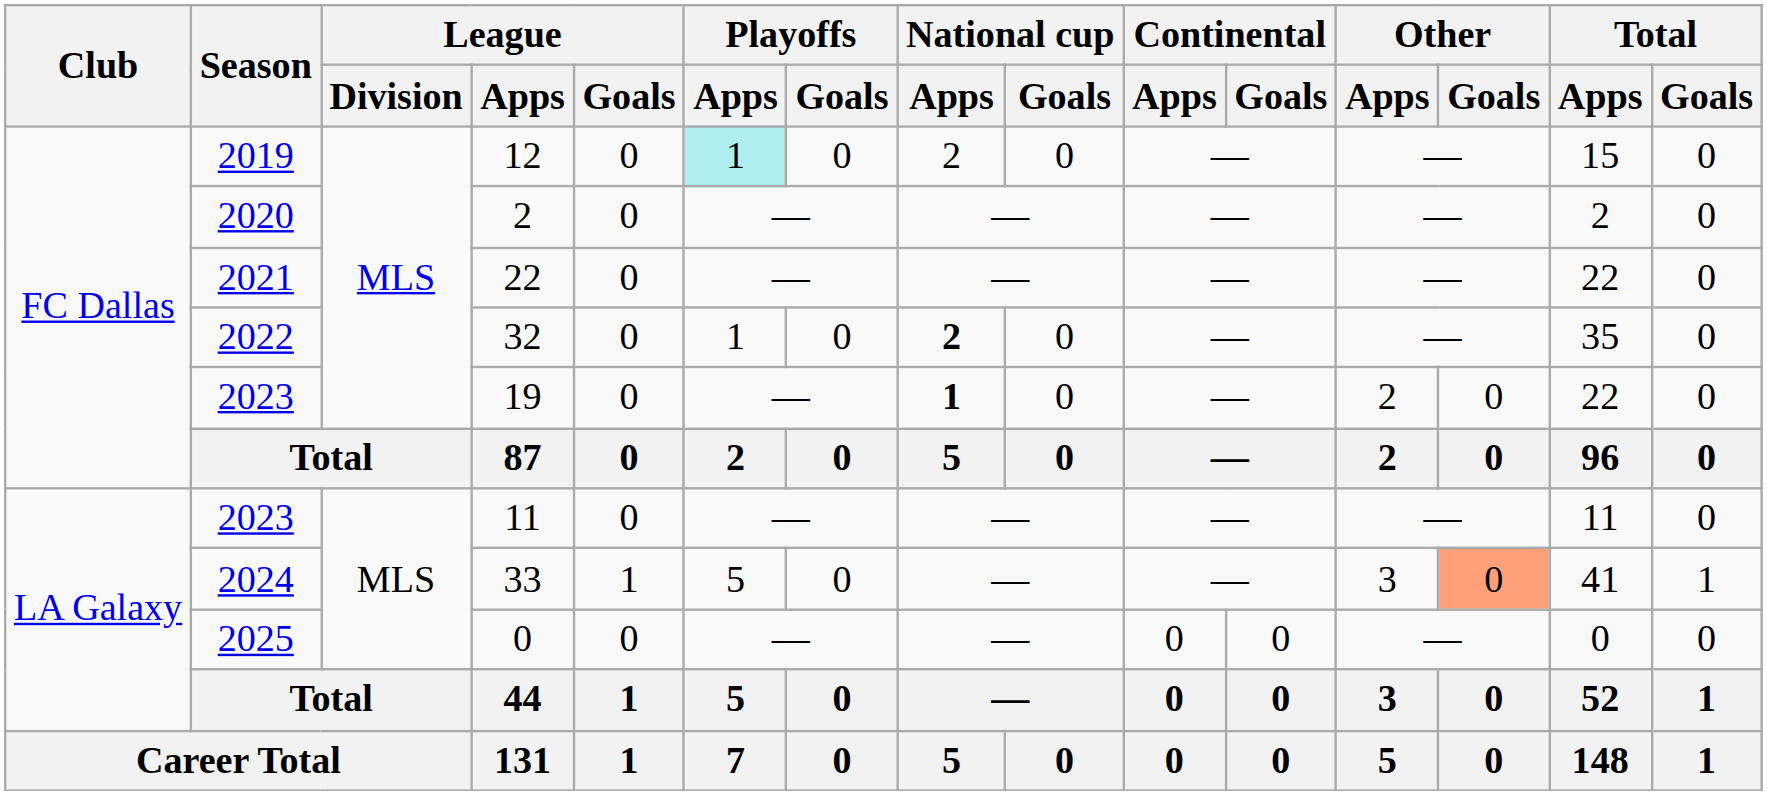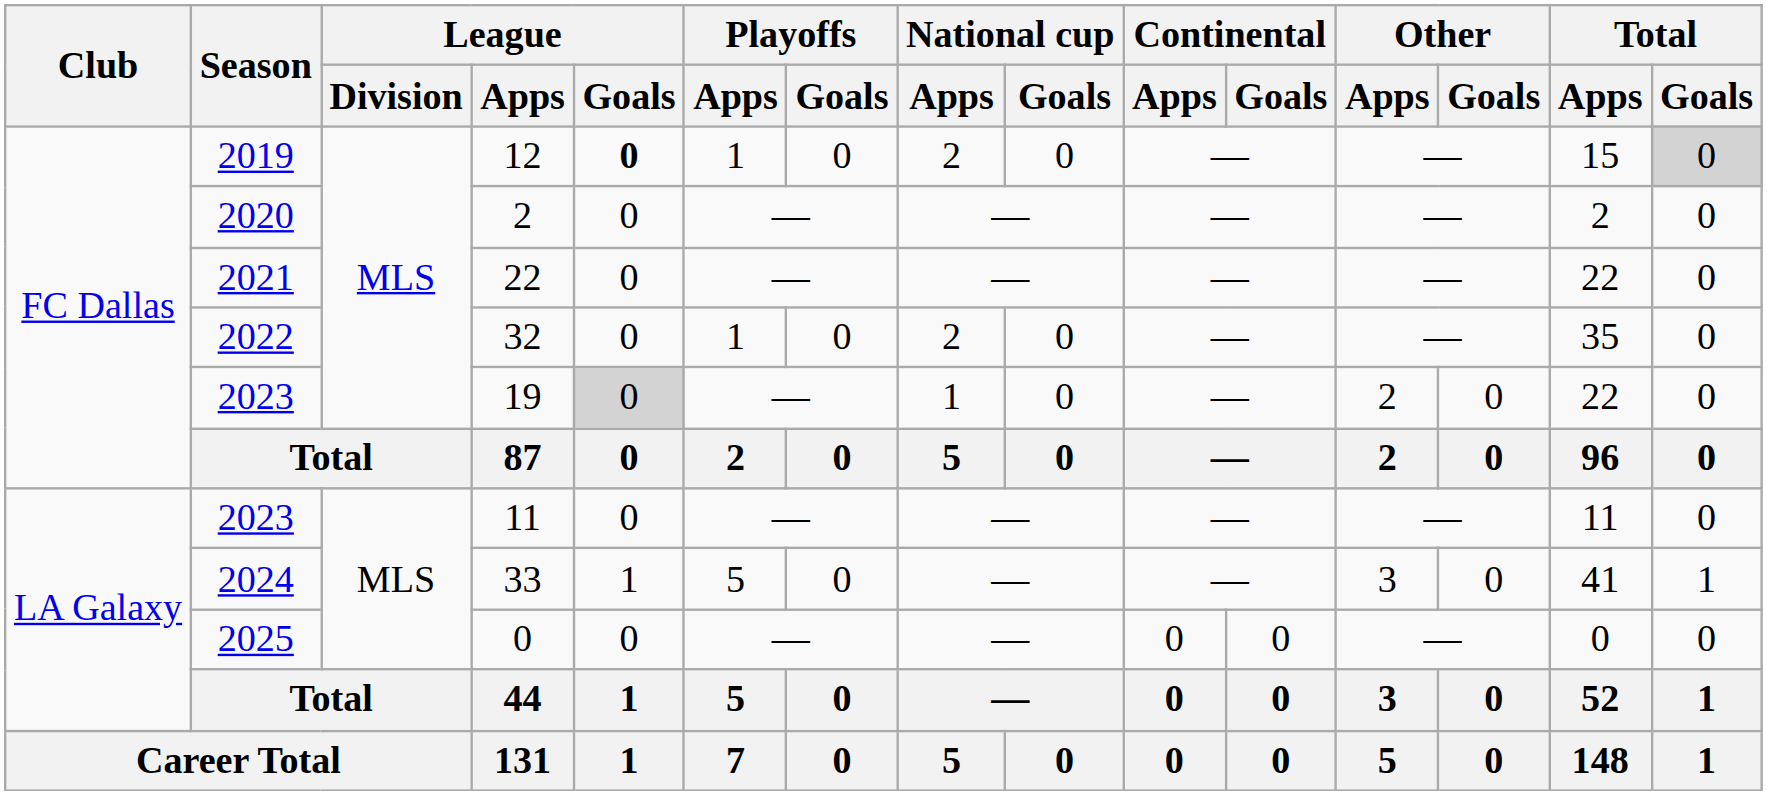 <table class="wikitable" style="text-align:center;">
 <tr>
 <th rowspan="2">Club</th>
 <th rowspan="2">Season</th>
 <th colspan="3">League</th>
 <th colspan="2">Playoffs</th>
 <th colspan="2">National cup</th>
 <th colspan="2">Continental</th>
 <th colspan="2">Other</th>
 <th colspan="2">Total</th>
 </tr>
 <tr>
 <th>Division</th>
 <th>Apps</th>
 <th>Goals</th>
 <th>Apps</th>
 <th>Goals</th>
 <th>Apps</th>
 <th>Goals</th>
 <th>Apps</th>
 <th>Goals</th>
 <th>Apps</th>
 <th>Goals</th>
 <th>Apps</th>
 <th>Goals</th>
 </tr>
 <tr>
 <td rowspan=6><a href='#'>FC Dallas</a></td>
 <td><a href='#'>2019</a></td>
 <td rowspan=5><a href='#'>MLS</a></td>
 <td>12</td>
-<td>0</td>
-<td style="background: paleturquoise;">1</td>
+<td><strong>0</strong></td>
+<td>1</td>
 <td>0</td>
 <td>2</td>
 <td>0</td>
 <td colspan="2">—</td>
 <td colspan="2">—</td>
 <td>15</td>
-<td>0</td>
+<td style="background: lightgrey;">0</td>
 </tr>
 <tr>
 <td><a href='#'>2020</a></td>
 <td>2</td>
 <td>0</td>
 <td colspan="2">—</td>
 <td colspan="2">—</td>
 <td colspan="2">—</td>
 <td colspan="2">—</td>
 <td>2</td>
 <td>0</td>
 </tr>
 <tr>
 <td><a href='#'>2021</a></td>
 <td>22</td>
 <td>0</td>
 <td colspan="2">—</td>
 <td colspan="2">—</td>
 <td colspan="2">—</td>
 <td colspan="2">—</td>
 <td>22</td>
 <td>0</td>
 </tr>
 <tr>
 <td><a href='#'>2022</a></td>
 <td>32</td>
 <td>0</td>
 <td>1</td>
 <td>0</td>
-<td><strong>2</strong></td>
+<td>2</td>
 <td>0</td>
 <td colspan="2">—</td>
 <td colspan="2">—</td>
 <td>35</td>
 <td>0</td>
 </tr>
 <tr>
 <td><a href='#'>2023</a></td>
 <td>19</td>
-<td>0</td>
+<td style="background: lightgrey;">0</td>
 <td colspan="2">—</td>
-<td><strong>1</strong></td>
+<td>1</td>
 <td>0</td>
 <td colspan="2">—</td>
 <td>2</td>
 <td>0</td>
 <td>22</td>
 <td>0</td>
 </tr>
 <tr>
 <th colspan="2">Total</th>
 <th>87</th>
 <th>0</th>
 <th>2</th>
 <th>0</th>
 <th>5</th>
 <th>0</th>
 <th colspan="2">—</th>
 <th>2</th>
 <th>0</th>
 <th>96</th>
 <th>0</th>
 </tr>
 <tr>
 <td rowspan=4><a href='#'>LA Galaxy</a></td>
 <td><a href='#'>2023</a></td>
 <td rowspan=3>MLS</td>
 <td>11</td>
 <td>0</td>
 <td colspan="2">—</td>
 <td colspan="2">—</td>
 <td colspan="2">—</td>
 <td colspan="2">—</td>
 <td>11</td>
 <td>0</td>
 </tr>
 <tr>
 <td><a href='#'>2024</a></td>
 <td>33</td>
 <td>1</td>
 <td>5</td>
 <td>0</td>
 <td colspan="2">—</td>
 <td colspan="2">—</td>
 <td>3</td>
-<td style="background: lightsalmon;">0</td>
+<td>0</td>
 <td>41</td>
 <td>1</td>
 </tr>
 <tr>
 <td><a href='#'>2025</a></td>
 <td>0</td>
 <td>0</td>
 <td colspan="2">—</td>
 <td colspan="2">—</td>
 <td>0</td>
 <td>0</td>
 <td colspan="2">—</td>
 <td>0</td>
 <td>0</td>
 </tr>
 <tr>
 <th colspan="2">Total</th>
 <th>44</th>
 <th>1</th>
 <th>5</th>
 <th>0</th>
 <th colspan="2">—</th>
 <th>0</th>
 <th>0</th>
 <th>3</th>
 <th>0</th>
 <th>52</th>
 <th>1</th>
 </tr>
 <tr>
 <th colspan="3">Career Total</th>
 <th>131</th>
 <th>1</th>
 <th>7</th>
 <th>0</th>
 <th>5</th>
 <th>0</th>
 <th>0</th>
 <th>0</th>
 <th>5</th>
 <th>0</th>
 <th>148</th>
 <th>1</th>
 </tr>
 </table>
